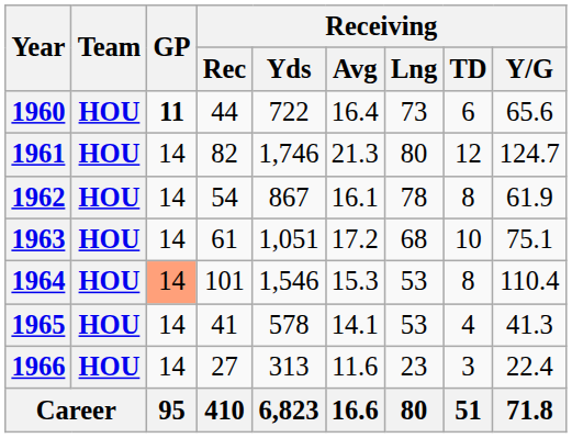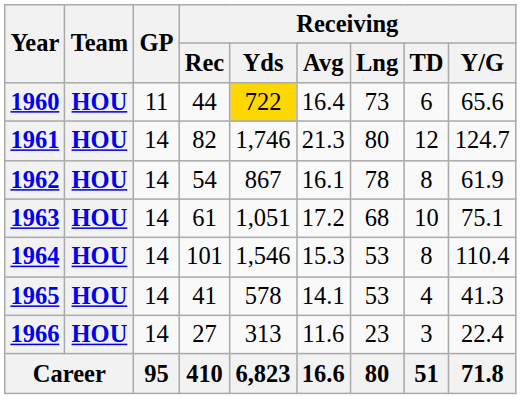 <table class="wikitable" style="text-align: center;">
 <tr>
 <th rowspan="2">Year</th>
 <th rowspan="2">Team</th>
 <th rowspan="2">GP</th>
 <th colspan="6">Receiving</th>
 </tr>
 <tr>
 <th>Rec</th>
 <th>Yds</th>
 <th>Avg</th>
 <th>Lng</th>
 <th>TD</th>
 <th>Y/G</th>
 </tr>
 <tr>
 <th><a href='#'>1960</a></th>
 <th><a href='#'>HOU</a></th>
-<td><strong>11</strong></td>
+<td>11</td>
 <td>44</td>
-<td>722</td>
+<td style="background: gold;">722</td>
 <td>16.4</td>
 <td>73</td>
 <td>6</td>
 <td>65.6</td>
 </tr>
 <tr>
 <th><a href='#'>1961</a></th>
 <th><a href='#'>HOU</a></th>
 <td>14</td>
 <td>82</td>
 <td>1,746</td>
 <td>21.3</td>
 <td>80</td>
 <td>12</td>
 <td>124.7</td>
 </tr>
 <tr>
 <th><a href='#'>1962</a></th>
 <th><a href='#'>HOU</a></th>
 <td>14</td>
 <td>54</td>
 <td>867</td>
 <td>16.1</td>
 <td>78</td>
 <td>8</td>
 <td>61.9</td>
 </tr>
 <tr>
 <th><a href='#'>1963</a></th>
 <th><a href='#'>HOU</a></th>
 <td>14</td>
 <td>61</td>
 <td>1,051</td>
 <td>17.2</td>
 <td>68</td>
 <td>10</td>
 <td>75.1</td>
 </tr>
 <tr>
 <th><a href='#'>1964</a></th>
 <th><a href='#'>HOU</a></th>
-<td style="background: lightsalmon;">14</td>
+<td>14</td>
 <td>101</td>
 <td>1,546</td>
 <td>15.3</td>
 <td>53</td>
 <td>8</td>
 <td>110.4</td>
 </tr>
 <tr>
 <th><a href='#'>1965</a></th>
 <th><a href='#'>HOU</a></th>
 <td>14</td>
 <td>41</td>
 <td>578</td>
 <td>14.1</td>
 <td>53</td>
 <td>4</td>
 <td>41.3</td>
 </tr>
 <tr>
 <th><a href='#'>1966</a></th>
 <th><a href='#'>HOU</a></th>
 <td>14</td>
 <td>27</td>
 <td>313</td>
 <td>11.6</td>
 <td>23</td>
 <td>3</td>
 <td>22.4</td>
 </tr>
 <tr>
 <th colspan="2">Career</th>
 <th>95</th>
 <th>410</th>
 <th>6,823</th>
 <th>16.6</th>
 <th>80</th>
 <th>51</th>
 <th>71.8</th>
 </tr>
 </table>
